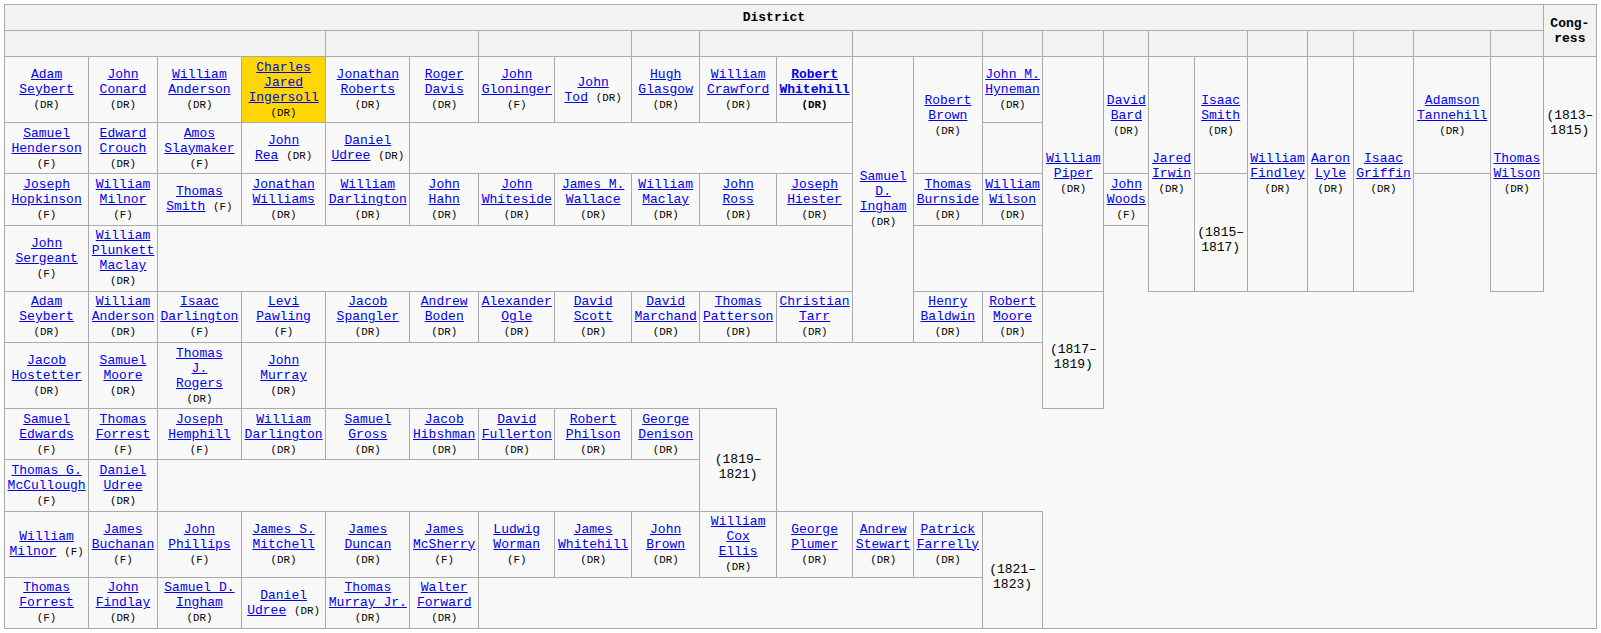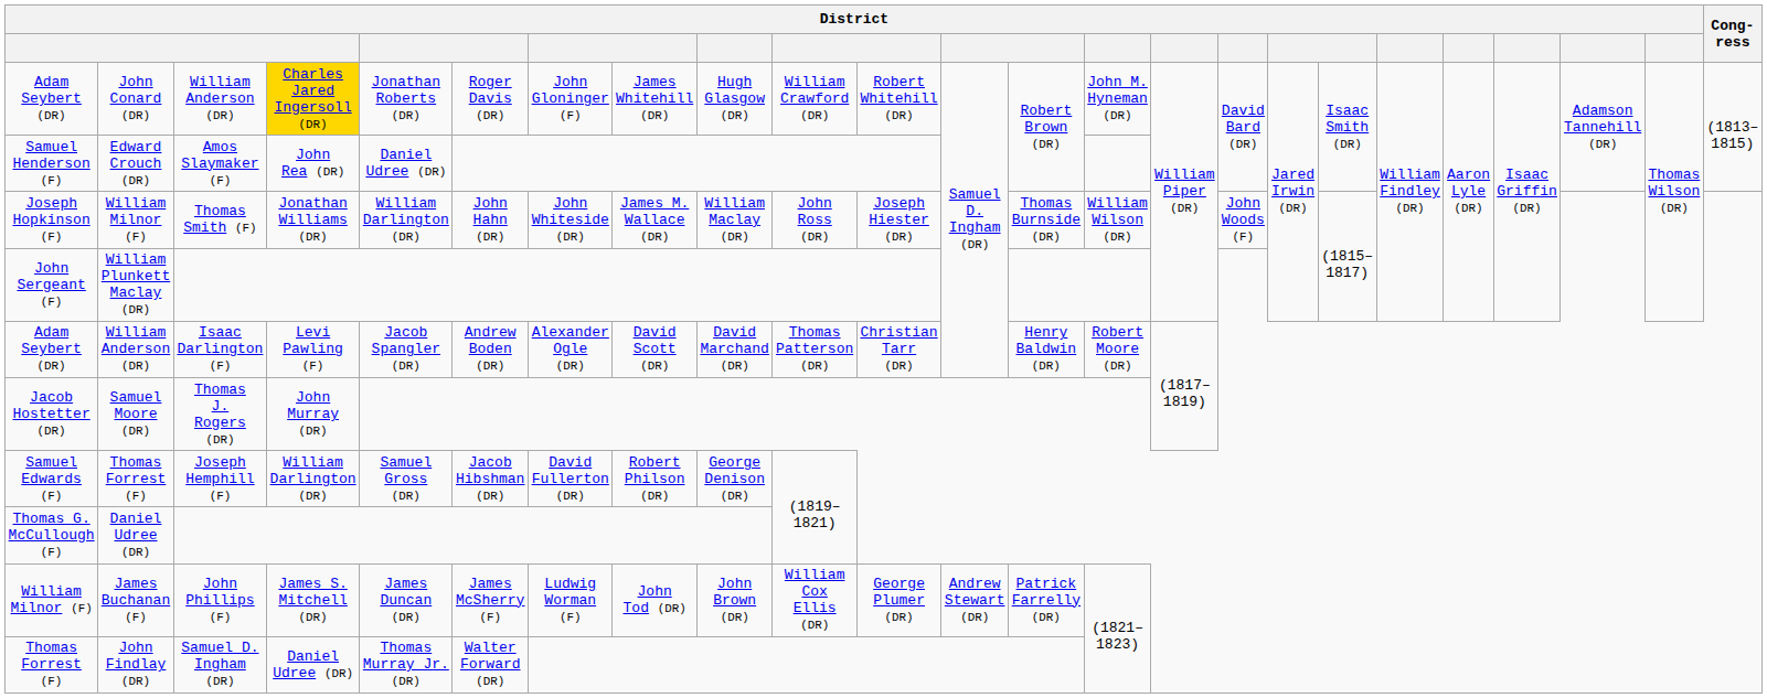 <table class=wikitable style="text-align:center">
 <tr style="height:2em">
 <th colspan="23">District</th>
 <th rowspan=2>Cong­ress</th>
 </tr>
 <tr style="height:2em">
 <th colspan=4> </th>
 <th colspan=2> </th>
 <th colspan=2> </th>
 <th></th>
 <th colspan="2"> </th>
 <th colspan=2> </th>
 <th></th>
 <th></th>
 <th></th>
 <th colspan=2> </th>
 <th></th>
 <th></th>
 <th></th>
 <th></th>
 <th></th>
 </tr>
 <tr style="height:2em">
 <td><a href='#'>Adam<br>Seybert</a><br><small>(DR)</small></td>
 <td><a href='#'>John<br>Conard</a><br><small>(DR)</small></td>
 <td><a href='#'>William<br>Anderson</a><br><small>(DR)</small></td>
 <td style="background: gold;"><a href='#'>Charles<br>Jared<br>Ingersoll</a><br><small>(DR)</small></td>
 <td><a href='#'>Jonathan<br>Roberts</a> <small>(DR)</small></td>
 <td><a href='#'>Roger<br>Davis</a><br><small>(DR)</small></td>
 <td><a href='#'>John<br>Gloninger</a> <small>(F)</small></td>
-<td><a href='#'>John<br>Tod</a> <small>(DR)</small></td>
+<td><a href='#'>James<br>Whitehill</a> <small>(DR)</small></td>
 <td><a href='#'>Hugh<br>Glasgow</a> <small>(DR)</small></td>
 <td><a href='#'>William<br>Crawford</a><br><small>(DR)</small></td>
-<td><strong><a href='#'>Robert<br>Whitehill</a> <small>(DR)</small></strong></td>
+<td><a href='#'>Robert<br>Whitehill</a> <small>(DR)</small></td>
 <td rowspan="5" ><a href='#'>Samuel D.<br>Ingham</a> <small>(DR)</small></td>
 <td rowspan="2" ><a href='#'>Robert<br>Brown</a><br><small>(DR)</small></td>
 <td><a href='#'>John M.<br>Hyneman</a> <small>(DR)</small></td>
 <td rowspan="4" ><a href='#'>William<br>Piper</a><br><small>(DR)</small></td>
 <td rowspan="2" ><a href='#'>David<br>Bard</a> <small>(DR)</small></td>
 <td rowspan="4" ><a href='#'>Jared<br>Irwin</a> <small>(DR)</small></td>
 <td rowspan="2" ><a href='#'>Isaac<br>Smith</a><br><small>(DR)</small></td>
 <td rowspan="4" ><a href='#'>William<br>Findley</a><br><small>(DR)</small></td>
 <td rowspan="4" ><a href='#'>Aaron<br>Lyle</a> <small>(DR)</small></td>
 <td rowspan="4" ><a href='#'>Isaac<br>Griffin</a><br><small>(DR)</small></td>
 <td rowspan="2" ><a href='#'>Adamson<br>Tannehill</a><br><small>(DR)</small></td>
 <td rowspan="4" ><a href='#'>Thomas<br>Wilson</a><br><small>(DR)</small></td>
 <td rowspan=2><strong></strong><br>(1813–1815)</td>
 </tr>
 <tr style="height:2em">
 <td><a href='#'>Samuel<br>Hender­son</a> <small>(F)</small></td>
 <td><a href='#'>Edward<br>Crouch</a> <small>(DR)</small></td>
 <td><a href='#'>Amos<br>Slaymaker</a> <small>(F)</small></td>
 <td><a href='#'>John<br>Rea</a> <small>(DR)</small></td>
 <td><a href='#'>Daniel<br>Udree</a> <small>(DR)</small></td>
 </tr>
 <tr style="height:2em">
 <td><a href='#'>Joseph<br>Hopkinson</a><br><small>(F)</small></td>
 <td><a href='#'>William<br>Milnor</a> <small>(F)</small></td>
 <td><a href='#'>Thomas<br>Smith</a> <small>(F)</small></td>
 <td><a href='#'>Jonathan<br>Williams</a> <small>(DR)</small></td>
 <td><a href='#'>William<br>Darlington</a><br><small>(DR)</small></td>
 <td><a href='#'>John<br>Hahn</a><br><small>(DR)</small></td>
 <td><a href='#'>John<br>Whiteside</a><br><small>(DR)</small></td>
 <td><a href='#'>James M.<br>Wallace</a> <small>(DR)</small></td>
 <td><a href='#'>William<br>Maclay</a> <small>(DR)</small></td>
 <td><a href='#'>John<br>Ross</a><br><small>(DR)</small></td>
 <td><a href='#'>Joseph<br>Hiester</a> <small>(DR)</small></td>
 <td><a href='#'>Thomas<br>Burnside</a> <small>(DR)</small></td>
 <td><a href='#'>William<br>Wilson</a><br><small>(DR)</small></td>
 <td><a href='#'>John<br>Woods</a><br><small>(F)</small></td>
 <td rowspan=2><strong></strong><br>(1815–1817)</td>
 </tr>
 <tr style="height:2em">
 <td><a href='#'>John<br>Sergeant</a> <small>(F)</small></td>
 <td><a href='#'>William<br>Plunkett<br>Maclay</a><br><small>(DR)</small></td>
 </tr>
 <tr style="height:2em">
 <td><a href='#'>Adam<br>Seybert</a><br><small>(DR)</small></td>
 <td><a href='#'>William<br>Anderson</a><br><small>(DR)</small></td>
 <td><a href='#'>Isaac<br>Darlington</a><br><small>(F)</small></td>
 <td><a href='#'>Levi<br>Pawling</a><br><small>(F)</small></td>
 <td><a href='#'>Jacob<br>Spangler</a> <small>(DR)</small></td>
 <td><a href='#'>Andrew<br>Boden</a> <small>(DR)</small></td>
 <td><a href='#'>Alexander<br>Ogle</a><br><small>(DR)</small></td>
 <td><a href='#'>David<br>Scott</a> <small>(DR)</small></td>
 <td><a href='#'>David<br>Marchand</a><br><small>(DR)</small></td>
 <td><a href='#'>Thomas<br>Patterson</a><br><small>(DR)</small></td>
 <td><a href='#'>Christian<br>Tarr</a><br><small>(DR)</small></td>
 <td><a href='#'>Henry<br>Baldwin</a><br><small>(DR)</small></td>
 <td><a href='#'>Robert<br>Moore</a><br><small>(DR)</small></td>
 <td rowspan=2><strong></strong><br>(1817–1819)</td>
 </tr>
 <tr style="height:2em">
 <td><a href='#'>Jacob<br>Hostetter</a><br><small>(DR)</small></td>
 <td><a href='#'>Samuel<br>Moore</a> <small>(DR)</small></td>
 <td><a href='#'>Thomas<br>J.<br>Rogers</a><br><small>(DR)</small></td>
 <td><a href='#'>John<br>Murray</a> <small>(DR)</small></td>
 </tr>
 <tr style="height:2em">
 <td><a href='#'>Samuel<br>Edwards</a><br><small>(F)</small></td>
 <td><a href='#'>Thomas<br>Forrest</a> <small>(F)</small></td>
 <td><a href='#'>Joseph<br>Hemphill</a><br><small>(F)</small></td>
 <td><a href='#'>William<br>Darlington</a><br><small>(DR)</small></td>
 <td><a href='#'>Samuel<br>Gross</a><br><small>(DR)</small></td>
 <td><a href='#'>Jacob<br>Hibshman</a><br><small>(DR)</small></td>
 <td><a href='#'>David<br>Fullerton</a> <small>(DR)</small></td>
 <td><a href='#'>Robert<br>Philson</a><br><small>(DR)</small></td>
 <td><a href='#'>George<br>Denison</a><br><small>(DR)</small></td>
 <td rowspan=2><strong></strong><br>(1819–1821)</td>
 </tr>
 <tr style="height:2em">
 <td><a href='#'>Thomas G.<br>McCullough</a> <small>(F)</small></td>
 <td><a href='#'>Daniel<br>Udree</a> <small>(DR)</small></td>
 </tr>
 <tr style="height:2em">
 <td><a href='#'>William<br>Milnor</a> <small>(F)</small></td>
 <td><a href='#'>James<br>Buchanan</a><br><small>(F)</small></td>
 <td><a href='#'>John<br>Phillips</a> <small>(F)</small></td>
 <td><a href='#'>James S.<br>Mitchell</a> <small>(DR)</small></td>
 <td><a href='#'>James<br>Duncan</a> <small>(DR)</small></td>
 <td><a href='#'>James<br>McSherry</a> <small>(F)</small></td>
 <td><a href='#'>Ludwig<br>Worman</a> <small>(F)</small></td>
-<td><a href='#'>James<br>Whitehill</a> <small>(DR)</small></td>
+<td><a href='#'>John<br>Tod</a> <small>(DR)</small></td>
 <td><a href='#'>John<br>Brown</a> <small>(DR)</small></td>
 <td><a href='#'>William Cox<br>Ellis</a> <small>(DR)</small></td>
 <td><a href='#'>George<br>Plumer</a><br><small>(DR)</small></td>
 <td><a href='#'>Andrew<br>Stewart</a><br><small>(DR)</small></td>
 <td><a href='#'>Patrick<br>Farrelly</a><br><small>(DR)</small></td>
 <td rowspan=2><strong></strong><br>(1821–1823)</td>
 </tr>
 <tr style="height:2em">
 <td><a href='#'>Thomas<br>Forrest</a> <small>(F)</small></td>
 <td><a href='#'>John<br>Findlay</a> <small>(DR)</small></td>
 <td><a href='#'>Samuel D.<br>Ingham</a> <small>(DR)</small></td>
 <td><a href='#'>Daniel<br>Udree</a> <small>(DR)</small></td>
 <td><a href='#'>Thomas<br>Murray Jr.</a> <small>(DR)</small></td>
 <td><a href='#'>Walter<br>Forward</a> <small>(DR)</small></td>
 </tr>
 </table>
